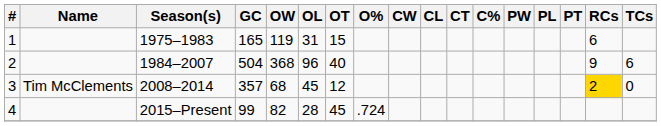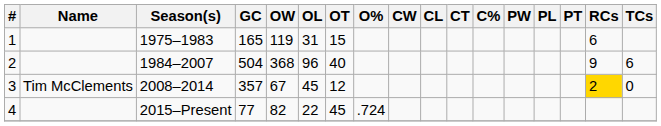 <table class="wikitable sortable"; style= "font-size: 95%; text-align=center ">
 <tr>
 <th width=px>#</th>
 <th width=px>Name</th>
 <th width=px>Season(s)</th>
 <th width=px>GC</th>
 <th width=px>OW</th>
 <th width=px>OL</th>
 <th width=px>OT</th>
 <th width=px>O%</th>
 <th width=px>CW</th>
 <th width=px>CL</th>
 <th width=px>CT</th>
 <th width=px>C%</th>
 <th width=px>PW</th>
 <th width=px>PL</th>
 <th width=px>PT</th>
 <th width=px>RCs</th>
 <th width=px>TCs</th>
 </tr>
 <tr>
 <td>1</td>
 <td align=left></td>
 <td>1975–1983</td>
 <td>165</td>
 <td>119</td>
 <td>31</td>
 <td>15</td>
 <td></td>
 <td></td>
 <td></td>
 <td></td>
 <td></td>
 <td></td>
 <td></td>
 <td></td>
 <td>6</td>
 <td></td>
 </tr>
 <tr>
 <td>2</td>
 <td align=left></td>
 <td>1984–2007</td>
 <td>504</td>
 <td>368</td>
 <td>96</td>
 <td>40</td>
 <td></td>
 <td></td>
 <td></td>
 <td></td>
 <td></td>
 <td></td>
 <td></td>
 <td></td>
 <td>9</td>
 <td>6</td>
 </tr>
 <tr>
 <td>3</td>
 <td align=left>Tim McClements</td>
 <td>2008–2014</td>
 <td>357</td>
-<td>68</td>
+<td>67</td>
 <td>45</td>
 <td>12</td>
 <td></td>
 <td></td>
 <td></td>
 <td></td>
 <td></td>
 <td></td>
 <td></td>
 <td></td>
 <td style="background: gold;">2</td>
 <td>0</td>
 </tr>
 <tr>
 <td>4</td>
 <td align=left></td>
 <td>2015–Present</td>
-<td>99</td>
+<td>77</td>
 <td>82</td>
-<td>28</td>
+<td>22</td>
 <td>45</td>
 <td>.724</td>
 <td></td>
 <td></td>
 <td></td>
 <td></td>
 <td></td>
 <td></td>
 <td></td>
 <td></td>
 <td></td>
 </tr>
 <tr>
 </tr>
 </table>
